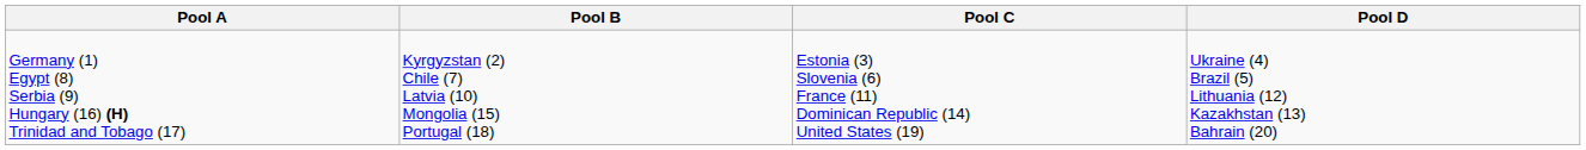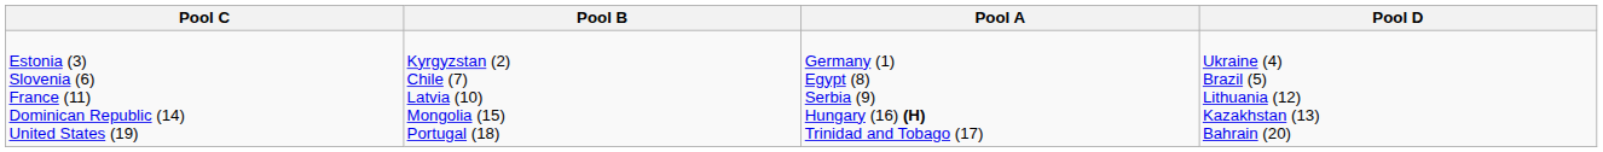 <table class="wikitable" width=80%>
 <tr>
+<th width=25%><strong>Pool C</strong></th>
+<th width=25%><strong>Pool B</strong></th>
 <th width=25%><strong>Pool A</strong></th>
-<th width=25%><strong>Pool B</strong></th>
-<th width=25%><strong>Pool C</strong></th>
 <th width=25%><strong>Pool D</strong></th>
 </tr>
 <tr>
+<td><br> <a href='#'>Estonia</a> (3) <br>   <a href='#'>Slovenia</a> (6) <br>   <a href='#'>France</a> (11) <br>   <a href='#'>Dominican Republic</a> (14) <br>  <a href='#'>United States</a> (19) <br></td>
+<td><br> <a href='#'>Kyrgyzstan</a> (2) <br>  <a href='#'>Chile</a> (7)<br>   <a href='#'>Latvia</a> (10)<br>   <a href='#'>Mongolia</a> (15) <br>  <a href='#'>Portugal</a> (18) <br></td>
 <td><br> <a href='#'>Germany</a> (1) <br>  <a href='#'>Egypt</a> (8) <br>  <a href='#'>Serbia</a> (9) <br>  <a href='#'>Hungary</a> (16) <strong>(H)</strong> <br>  <a href='#'>Trinidad and Tobago</a> (17) <br></td>
-<td><br> <a href='#'>Kyrgyzstan</a> (2) <br>  <a href='#'>Chile</a> (7)<br>   <a href='#'>Latvia</a> (10)<br>   <a href='#'>Mongolia</a> (15) <br>  <a href='#'>Portugal</a> (18) <br></td>
-<td><br> <a href='#'>Estonia</a> (3) <br>   <a href='#'>Slovenia</a> (6) <br>   <a href='#'>France</a> (11) <br>   <a href='#'>Dominican Republic</a> (14) <br>  <a href='#'>United States</a> (19) <br></td>
 <td><br> <a href='#'>Ukraine</a> (4) <br>  <a href='#'>Brazil</a> (5) <br>  <a href='#'>Lithuania</a> (12) <br>  <a href='#'>Kazakhstan</a> (13) <br>  <a href='#'>Bahrain</a> (20) <br></td>
 </tr>
 </table>
